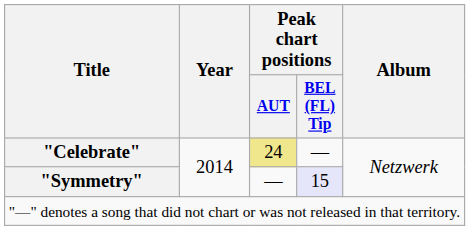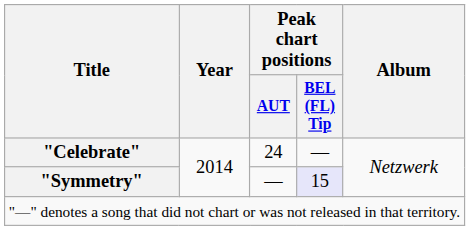 <table class="wikitable plainrowheaders" style="text-align:center;">
 <tr>
 <th rowspan="2" scope="col">Title</th>
 <th scope="col" rowspan="2">Year</th>
 <th scope="col" colspan="2">Peak chart positions</th>
 <th scope="col" rowspan="2">Album</th>
 </tr>
 <tr>
 <th scope="col" style="width:2.5em;font-size:85%;"><a href='#'>AUT</a><br></th>
 <th scope="col" style="width:2.5em;font-size:85%;"><a href='#'>BEL (FL) Tip</a><br></th>
 </tr>
 <tr>
 <th scope="row">"Celebrate"</th>
 <td rowspan="2">2014</td>
-<td style="background: khaki;">24</td>
+<td>24</td>
 <td>—</td>
 <td rowspan="2"><em>Netzwerk</em></td>
 </tr>
 <tr>
 <th scope="row">"Symmetry"</th>
 <td>—</td>
 <td style="background: lavender;">15</td>
 </tr>
 <tr>
 <td colspan="5"><small>"—" denotes a song that did not chart or was not released in that territory.</small></td>
 </tr>
 </table>
